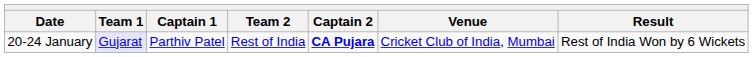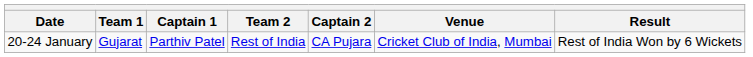 <table class="wikitable">
 <tr>
 <th colspan="7"></th>
 </tr>
 <tr>
 <th>Date</th>
 <th>Team 1</th>
 <th>Captain 1</th>
 <th>Team 2</th>
 <th>Captain 2</th>
 <th>Venue</th>
 <th>Result</th>
 </tr>
 <tr>
 <td>20-24 January</td>
-<td style="background: lavender;"><a href='#'>Gujarat</a></td>
+<td><a href='#'>Gujarat</a></td>
 <td><a href='#'>Parthiv Patel</a></td>
 <td><a href='#'>Rest of India</a></td>
-<td><strong><a href='#'>CA Pujara</a></strong></td>
+<td><a href='#'>CA Pujara</a></td>
 <td><a href='#'>Cricket Club of India</a>, <a href='#'>Mumbai</a></td>
 <td>Rest of India Won by 6 Wickets</td>
 </tr>
 </table>
